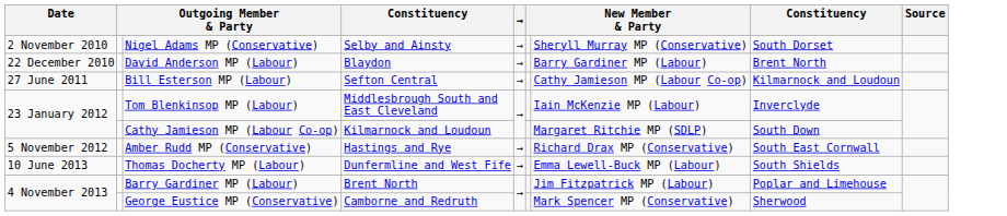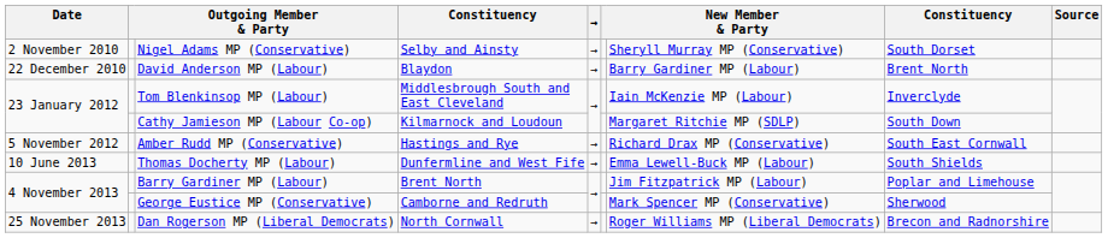 <table class="wikitable">
 <tr>
 <th valign="top">Date</th>
 <th colspan="2" valign="top">Outgoing Member<br>& Party</th>
 <th valign="top">Constituency</th>
 <th>→</th>
 <th colspan="2" valign="top">New Member<br>& Party</th>
 <th valign="top">Constituency</th>
 <th valign="top">Source</th>
 </tr>
 <tr>
 <td nowrap>2 November 2010</td>
 <td style="color:inherit;background:"></td>
 <td><a href='#'>Nigel Adams</a> MP (<a href='#'>Conservative</a>)</td>
 <td><a href='#'>Selby and Ainsty</a></td>
 <td>→</td>
 <td style="color:inherit;background:"></td>
 <td><a href='#'>Sheryll Murray</a> MP (<a href='#'>Conservative</a>)</td>
 <td><a href='#'>South Dorset</a></td>
 <td></td>
 </tr>
 <tr>
 <td>22 December 2010</td>
 <td style="color:inherit;background:"></td>
 <td><a href='#'>David Anderson</a> MP (<a href='#'>Labour</a>)</td>
 <td><a href='#'>Blaydon</a></td>
 <td>→</td>
 <td style="color:inherit;background:"></td>
 <td><a href='#'>Barry Gardiner</a> MP (<a href='#'>Labour</a>)</td>
 <td><a href='#'>Brent North</a></td>
-<td></td>
-</tr>
-<tr>
-<td>27 June 2011</td>
-<td style="color:inherit;background:"></td>
-<td><a href='#'>Bill Esterson</a> MP (<a href='#'>Labour</a>)</td>
-<td><a href='#'>Sefton Central</a></td>
-<td>→</td>
-<td style="color:inherit;background:"></td>
-<td><a href='#'>Cathy Jamieson</a> MP (<a href='#'>Labour</a> <a href='#'>Co-op</a>)</td>
-<td><a href='#'>Kilmarnock and Loudoun</a></td>
 <td></td>
 </tr>
 <tr>
 <td rowspan=2>23 January 2012</td>
 <td style="color:inherit;background:"></td>
 <td><a href='#'>Tom Blenkinsop</a> MP (<a href='#'>Labour</a>)</td>
 <td><a href='#'>Middlesbrough South and<br>East Cleveland</a></td>
 <td rowspan=2>→</td>
 <td style="color:inherit;background:"></td>
 <td><a href='#'>Iain McKenzie</a> MP (<a href='#'>Labour</a>)</td>
 <td><a href='#'>Inverclyde</a></td>
 <td rowspan=2></td>
 </tr>
 <tr>
 <td style="color:inherit;background:"></td>
 <td><a href='#'>Cathy Jamieson</a> MP (<a href='#'>Labour</a> <a href='#'>Co-op</a>)</td>
 <td><a href='#'>Kilmarnock and Loudoun</a></td>
 <td style="color:inherit;background:"></td>
 <td><a href='#'>Margaret Ritchie</a> MP (<a href='#'>SDLP</a>)</td>
 <td><a href='#'>South Down</a></td>
 </tr>
 <tr>
 <td>5 November 2012</td>
 <td style="color:inherit;background:"></td>
 <td><a href='#'>Amber Rudd</a> MP (<a href='#'>Conservative</a>)</td>
 <td><a href='#'>Hastings and Rye</a></td>
 <td>→</td>
 <td style="color:inherit;background:"></td>
 <td><a href='#'>Richard Drax</a> MP (<a href='#'>Conservative</a>)</td>
 <td><a href='#'>South East Cornwall</a></td>
 <td></td>
 </tr>
 <tr>
 <td>10 June 2013</td>
 <td style="color:inherit;background:"></td>
 <td><a href='#'>Thomas Docherty</a> MP (<a href='#'>Labour</a>)</td>
 <td><a href='#'>Dunfermline and West Fife</a></td>
 <td>→</td>
 <td style="color:inherit;background:"></td>
 <td><a href='#'>Emma Lewell-Buck</a> MP (<a href='#'>Labour</a>)</td>
 <td><a href='#'>South Shields</a></td>
 <td></td>
 </tr>
 <tr>
 <td rowspan=2>4 November 2013</td>
 <td style="color:inherit;background:"></td>
 <td><a href='#'>Barry Gardiner</a> MP (<a href='#'>Labour</a>)</td>
 <td><a href='#'>Brent North</a></td>
 <td rowspan=2>→</td>
 <td style="color:inherit;background:"></td>
 <td><a href='#'>Jim Fitzpatrick</a> MP (<a href='#'>Labour</a>)</td>
 <td><a href='#'>Poplar and Limehouse</a></td>
 <td rowspan=2></td>
 </tr>
 <tr>
 <td style="color:inherit;background:"></td>
 <td><a href='#'>George Eustice</a> MP (<a href='#'>Conservative</a>)</td>
 <td><a href='#'>Camborne and Redruth</a></td>
 <td style="color:inherit;background:"></td>
 <td><a href='#'>Mark Spencer</a> MP (<a href='#'>Conservative</a>)</td>
 <td><a href='#'>Sherwood</a></td>
 </tr>
+<tr>
+<td>25 November 2013</td>
+<td style="color:inherit;background:"></td>
+<td><a href='#'>Dan Rogerson</a> MP (<a href='#'>Liberal Democrats</a>)</td>
+<td><a href='#'>North Cornwall</a></td>
+<td>→</td>
+<td style="color:inherit;background:"></td>
+<td><a href='#'>Roger Williams</a> MP (<a href='#'>Liberal Democrats</a>)</td>
+<td><a href='#'>Brecon and Radnorshire</a></td>
+<td></td>
+</tr>
 </table>
